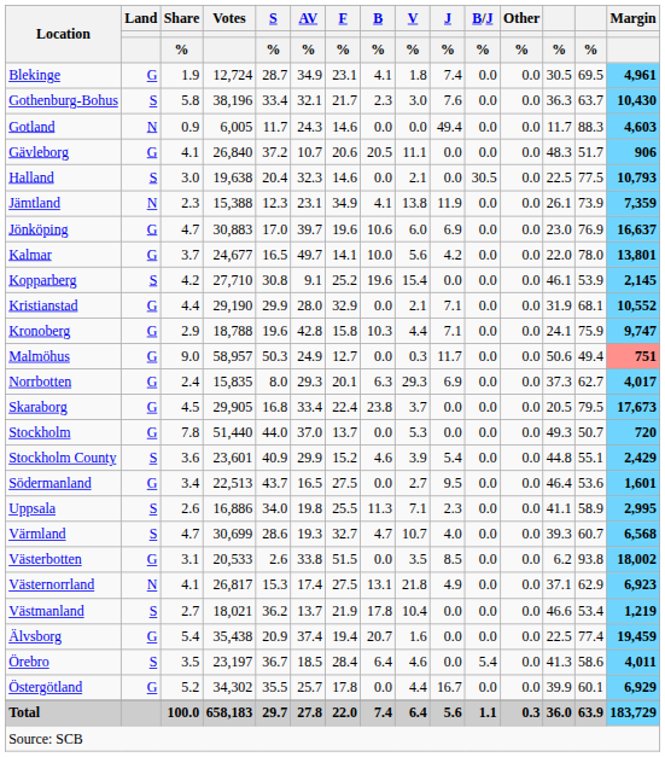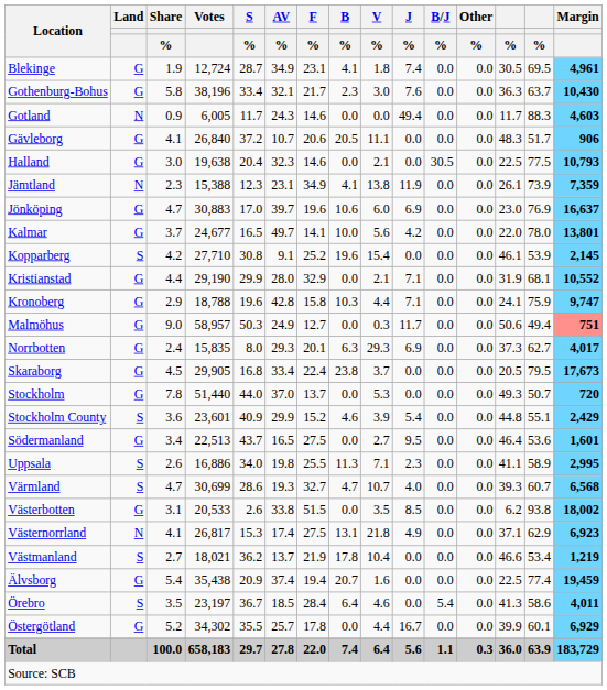 <table class="wikitable sortable" style="text-align:right; font-size:95%; line-height:20px;">
 <tr>
 <th rowspan="3">Location</th>
 <th>Land</th>
 <th>Share</th>
 <th>Votes</th>
 <th width="30px" class="unsortable"><a href='#'>S</a></th>
 <th width="30px" class="unsortable"><a href='#'>AV</a></th>
 <th width="30px" class="unsortable"><a href='#'>F</a></th>
 <th width="30px" class="unsortable"><a href='#'>B</a></th>
 <th width="30px" class="unsortable"><a href='#'>V</a></th>
 <th width="30px" class="unsortable"><a href='#'>J</a></th>
 <th width="30px" class="unsortable"><a href='#'>B</a>/<a href='#'>J</a></th>
 <th width="30px" class="unsortable">Other</th>
 <th></th>
 <th></th>
 <th>Margin</th>
 </tr>
 <tr>
 <th></th>
 <th></th>
 <th></th>
 <th style="background:"></th>
 <th style="background:"></th>
 <th style="background:"></th>
 <th style="background:"></th>
 <th style="background:"></th>
 <th style="background:"></th>
 <th style="background:"></th>
 <th style="background:"></th>
 <th style="background:"></th>
 <th style="background:"></th>
 <th></th>
 </tr>
 <tr>
 <th></th>
 <th data-sort-type="number">%</th>
 <th></th>
 <th data-sort-type="number">%</th>
 <th data-sort-type="number">%</th>
 <th data-sort-type="number">%</th>
 <th data-sort-type="number">%</th>
 <th data-sort-type="number">%</th>
 <th data-sort-type="number">%</th>
 <th data-sort-type="number">%</th>
 <th data-sort-type="number">%</th>
 <th data-sort-type="number">%</th>
 <th data-sort-type="number">%</th>
 <th></th>
 </tr>
 <tr>
 <td align=left><a href='#'>Blekinge</a></td>
 <td><a href='#'>G</a></td>
 <td>1.9</td>
 <td>12,724</td>
 <td>28.7</td>
 <td>34.9</td>
 <td>23.1</td>
 <td>4.1</td>
 <td>1.8</td>
 <td>7.4</td>
 <td>0.0</td>
 <td>0.0</td>
 <td>30.5</td>
 <td>69.5</td>
 <td bgcolor=#6fd5fe><strong>4,961</strong></td>
 </tr>
 <tr>
 <td align=left><a href='#'>Gothenburg-Bohus</a></td>
-<td><a href='#'>S</a></td>
+<td><a href='#'>G</a></td>
 <td>5.8</td>
 <td>38,196</td>
 <td>33.4</td>
 <td>32.1</td>
 <td>21.7</td>
 <td>2.3</td>
 <td>3.0</td>
 <td>7.6</td>
 <td>0.0</td>
 <td>0.0</td>
 <td>36.3</td>
 <td>63.7</td>
 <td bgcolor=#6fd5fe><strong>10,430</strong></td>
 </tr>
 <tr>
 <td align=left><a href='#'>Gotland</a></td>
 <td><a href='#'>N</a></td>
 <td>0.9</td>
 <td>6,005</td>
 <td>11.7</td>
 <td>24.3</td>
 <td>14.6</td>
 <td>0.0</td>
 <td>0.0</td>
 <td>49.4</td>
 <td>0.0</td>
 <td>0.0</td>
 <td>11.7</td>
 <td>88.3</td>
 <td bgcolor=#6fd5fe><strong>4,603</strong></td>
 </tr>
 <tr>
 <td align=left><a href='#'>Gävleborg</a></td>
 <td><a href='#'>G</a></td>
 <td>4.1</td>
 <td>26,840</td>
 <td>37.2</td>
 <td>10.7</td>
 <td>20.6</td>
 <td>20.5</td>
 <td>11.1</td>
 <td>0.0</td>
 <td>0.0</td>
 <td>0.0</td>
 <td>48.3</td>
 <td>51.7</td>
 <td bgcolor=#6fd5fe><strong>906</strong></td>
 </tr>
 <tr>
 <td align=left><a href='#'>Halland</a></td>
-<td><a href='#'>S</a></td>
+<td><a href='#'>G</a></td>
 <td>3.0</td>
 <td>19,638</td>
 <td>20.4</td>
 <td>32.3</td>
 <td>14.6</td>
 <td>0.0</td>
 <td>2.1</td>
 <td>0.0</td>
 <td>30.5</td>
 <td>0.0</td>
 <td>22.5</td>
 <td>77.5</td>
 <td bgcolor=#6fd5fe><strong>10,793</strong></td>
 </tr>
 <tr>
 <td align=left><a href='#'>Jämtland</a></td>
 <td><a href='#'>N</a></td>
 <td>2.3</td>
 <td>15,388</td>
 <td>12.3</td>
 <td>23.1</td>
 <td>34.9</td>
 <td>4.1</td>
 <td>13.8</td>
 <td>11.9</td>
 <td>0.0</td>
 <td>0.0</td>
 <td>26.1</td>
 <td>73.9</td>
 <td bgcolor=#6fd5fe><strong>7,359</strong></td>
 </tr>
 <tr>
 <td align=left><a href='#'>Jönköping</a></td>
 <td><a href='#'>G</a></td>
 <td>4.7</td>
 <td>30,883</td>
 <td>17.0</td>
 <td>39.7</td>
 <td>19.6</td>
 <td>10.6</td>
 <td>6.0</td>
 <td>6.9</td>
 <td>0.0</td>
 <td>0.0</td>
 <td>23.0</td>
 <td>76.9</td>
 <td bgcolor=#6fd5fe><strong>16,637</strong></td>
 </tr>
 <tr>
 <td align=left><a href='#'>Kalmar</a></td>
 <td><a href='#'>G</a></td>
 <td>3.7</td>
 <td>24,677</td>
 <td>16.5</td>
 <td>49.7</td>
 <td>14.1</td>
 <td>10.0</td>
 <td>5.6</td>
 <td>4.2</td>
 <td>0.0</td>
 <td>0.0</td>
 <td>22.0</td>
 <td>78.0</td>
 <td bgcolor=#6fd5fe><strong>13,801</strong></td>
 </tr>
 <tr>
 <td align=left><a href='#'>Kopparberg</a></td>
 <td><a href='#'>S</a></td>
 <td>4.2</td>
 <td>27,710</td>
 <td>30.8</td>
 <td>9.1</td>
 <td>25.2</td>
 <td>19.6</td>
 <td>15.4</td>
 <td>0.0</td>
 <td>0.0</td>
 <td>0.0</td>
 <td>46.1</td>
 <td>53.9</td>
 <td bgcolor=#6fd5fe><strong>2,145</strong></td>
 </tr>
 <tr>
 <td align=left><a href='#'>Kristianstad</a></td>
 <td><a href='#'>G</a></td>
 <td>4.4</td>
 <td>29,190</td>
 <td>29.9</td>
 <td>28.0</td>
 <td>32.9</td>
 <td>0.0</td>
 <td>2.1</td>
 <td>7.1</td>
 <td>0.0</td>
 <td>0.0</td>
 <td>31.9</td>
 <td>68.1</td>
 <td bgcolor=#6fd5fe><strong>10,552</strong></td>
 </tr>
 <tr>
 <td align=left><a href='#'>Kronoberg</a></td>
 <td><a href='#'>G</a></td>
 <td>2.9</td>
 <td>18,788</td>
 <td>19.6</td>
 <td>42.8</td>
 <td>15.8</td>
 <td>10.3</td>
 <td>4.4</td>
 <td>7.1</td>
 <td>0.0</td>
 <td>0.0</td>
 <td>24.1</td>
 <td>75.9</td>
 <td bgcolor=#6fd5fe><strong>9,747</strong></td>
 </tr>
 <tr>
 <td align=left><a href='#'>Malmöhus</a></td>
 <td><a href='#'>G</a></td>
 <td>9.0</td>
 <td>58,957</td>
 <td>50.3</td>
 <td>24.9</td>
 <td>12.7</td>
 <td>0.0</td>
 <td>0.3</td>
 <td>11.7</td>
 <td>0.0</td>
 <td>0.0</td>
 <td>50.6</td>
 <td>49.4</td>
 <td bgcolor=#ff908c><strong>751</strong></td>
 </tr>
 <tr>
 <td align=left><a href='#'>Norrbotten</a></td>
 <td><a href='#'>G</a></td>
 <td>2.4</td>
 <td>15,835</td>
 <td>8.0</td>
 <td>29.3</td>
 <td>20.1</td>
 <td>6.3</td>
 <td>29.3</td>
 <td>6.9</td>
 <td>0.0</td>
 <td>0.0</td>
 <td>37.3</td>
 <td>62.7</td>
 <td bgcolor=#6fd5fe><strong>4,017</strong></td>
 </tr>
 <tr>
 <td align=left><a href='#'>Skaraborg</a></td>
 <td><a href='#'>G</a></td>
 <td>4.5</td>
 <td>29,905</td>
 <td>16.8</td>
 <td>33.4</td>
 <td>22.4</td>
 <td>23.8</td>
 <td>3.7</td>
 <td>0.0</td>
 <td>0.0</td>
 <td>0.0</td>
 <td>20.5</td>
 <td>79.5</td>
 <td bgcolor=#6fd5fe><strong>17,673</strong></td>
 </tr>
 <tr>
 <td align=left><a href='#'>Stockholm</a></td>
 <td><a href='#'>G</a></td>
 <td>7.8</td>
 <td>51,440</td>
 <td>44.0</td>
 <td>37.0</td>
 <td>13.7</td>
 <td>0.0</td>
 <td>5.3</td>
 <td>0.0</td>
 <td>0.0</td>
 <td>0.0</td>
 <td>49.3</td>
 <td>50.7</td>
 <td bgcolor=#6fd5fe><strong>720</strong></td>
 </tr>
 <tr>
 <td align=left><a href='#'>Stockholm County</a></td>
 <td><a href='#'>S</a></td>
 <td>3.6</td>
 <td>23,601</td>
 <td>40.9</td>
 <td>29.9</td>
 <td>15.2</td>
 <td>4.6</td>
 <td>3.9</td>
 <td>5.4</td>
 <td>0.0</td>
 <td>0.0</td>
 <td>44.8</td>
 <td>55.1</td>
 <td bgcolor=#6fd5fe><strong>2,429</strong></td>
 </tr>
 <tr>
 <td align=left><a href='#'>Södermanland</a></td>
 <td><a href='#'>G</a></td>
 <td>3.4</td>
 <td>22,513</td>
 <td>43.7</td>
 <td>16.5</td>
 <td>27.5</td>
 <td>0.0</td>
 <td>2.7</td>
 <td>9.5</td>
 <td>0.0</td>
 <td>0.0</td>
 <td>46.4</td>
 <td>53.6</td>
 <td bgcolor=#6fd5fe><strong>1,601</strong></td>
 </tr>
 <tr>
 <td align=left><a href='#'>Uppsala</a></td>
 <td><a href='#'>S</a></td>
 <td>2.6</td>
 <td>16,886</td>
 <td>34.0</td>
 <td>19.8</td>
 <td>25.5</td>
 <td>11.3</td>
 <td>7.1</td>
 <td>2.3</td>
 <td>0.0</td>
 <td>0.0</td>
 <td>41.1</td>
 <td>58.9</td>
 <td bgcolor=#6fd5fe><strong>2,995</strong></td>
 </tr>
 <tr>
 <td align=left><a href='#'>Värmland</a></td>
 <td><a href='#'>S</a></td>
 <td>4.7</td>
 <td>30,699</td>
 <td>28.6</td>
 <td>19.3</td>
 <td>32.7</td>
 <td>4.7</td>
 <td>10.7</td>
 <td>4.0</td>
 <td>0.0</td>
 <td>0.0</td>
 <td>39.3</td>
 <td>60.7</td>
 <td bgcolor=#6fd5fe><strong>6,568</strong></td>
 </tr>
 <tr>
 <td align=left><a href='#'>Västerbotten</a></td>
 <td><a href='#'>G</a></td>
 <td>3.1</td>
 <td>20,533</td>
 <td>2.6</td>
 <td>33.8</td>
 <td>51.5</td>
 <td>0.0</td>
 <td>3.5</td>
 <td>8.5</td>
 <td>0.0</td>
 <td>0.0</td>
 <td>6.2</td>
 <td>93.8</td>
 <td bgcolor=#6fd5fe><strong>18,002</strong></td>
 </tr>
 <tr>
 <td align=left><a href='#'>Västernorrland</a></td>
 <td><a href='#'>N</a></td>
 <td>4.1</td>
 <td>26,817</td>
 <td>15.3</td>
 <td>17.4</td>
 <td>27.5</td>
 <td>13.1</td>
 <td>21.8</td>
 <td>4.9</td>
 <td>0.0</td>
 <td>0.0</td>
 <td>37.1</td>
 <td>62.9</td>
 <td bgcolor=#6fd5fe><strong>6,923</strong></td>
 </tr>
 <tr>
 <td align=left><a href='#'>Västmanland</a></td>
 <td><a href='#'>S</a></td>
 <td>2.7</td>
 <td>18,021</td>
 <td>36.2</td>
 <td>13.7</td>
 <td>21.9</td>
 <td>17.8</td>
 <td>10.4</td>
 <td>0.0</td>
 <td>0.0</td>
 <td>0.0</td>
 <td>46.6</td>
 <td>53.4</td>
 <td bgcolor=#6fd5fe><strong>1,219</strong></td>
 </tr>
 <tr>
 <td align=left><a href='#'>Älvsborg</a></td>
 <td><a href='#'>G</a></td>
 <td>5.4</td>
 <td>35,438</td>
 <td>20.9</td>
 <td>37.4</td>
 <td>19.4</td>
 <td>20.7</td>
 <td>1.6</td>
 <td>0.0</td>
 <td>0.0</td>
 <td>0.0</td>
 <td>22.5</td>
 <td>77.4</td>
 <td bgcolor=#6fd5fe><strong>19,459</strong></td>
 </tr>
 <tr>
 <td align=left><a href='#'>Örebro</a></td>
 <td><a href='#'>S</a></td>
 <td>3.5</td>
 <td>23,197</td>
 <td>36.7</td>
 <td>18.5</td>
 <td>28.4</td>
 <td>6.4</td>
 <td>4.6</td>
 <td>0.0</td>
 <td>5.4</td>
 <td>0.0</td>
 <td>41.3</td>
 <td>58.6</td>
 <td bgcolor=#6fd5fe><strong>4,011</strong></td>
 </tr>
 <tr>
 <td align=left><a href='#'>Östergötland</a></td>
 <td><a href='#'>G</a></td>
 <td>5.2</td>
 <td>34,302</td>
 <td>35.5</td>
 <td>25.7</td>
 <td>17.8</td>
 <td>0.0</td>
 <td>4.4</td>
 <td>16.7</td>
 <td>0.0</td>
 <td>0.0</td>
 <td>39.9</td>
 <td>60.1</td>
 <td bgcolor=#6fd5fe><strong>6,929</strong></td>
 </tr>
 <tr>
 </tr>
 <tr style="background:#CDCDCD;">
 <td align=left><strong>Total</strong></td>
 <td></td>
 <td><strong>100.0</strong></td>
 <td><strong>658,183</strong></td>
 <td><strong>29.7</strong></td>
 <td><strong>27.8</strong></td>
 <td><strong>22.0</strong></td>
 <td><strong>7.4</strong></td>
 <td><strong>6.4</strong></td>
 <td><strong>5.6</strong></td>
 <td><strong>1.1</strong></td>
 <td><strong>0.3</strong></td>
 <td><strong>36.0</strong></td>
 <td><strong>63.9</strong></td>
 <td bgcolor=#6fd5fe><strong>183,729</strong></td>
 </tr>
 <tr>
 <td align=left colspan=16>Source: SCB </td>
 </tr>
 </table>
